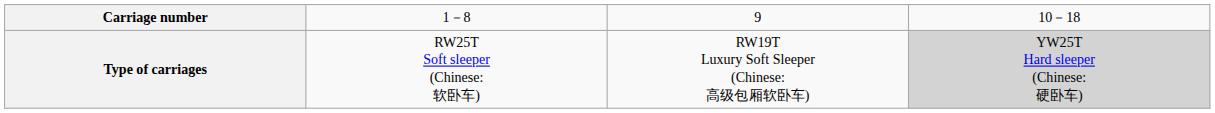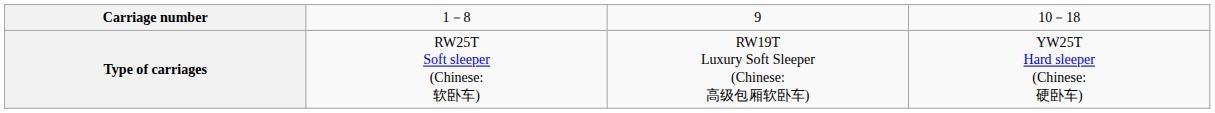 <table class="wikitable" style="text-align: center; font-size: small;">
 <tr>
 <th>Carriage number</th>
 <td>1－8</td>
 <td>9</td>
 <td>10－18</td>
 </tr>
 <tr>
 <th style="width: 10%;">Type of carriages</th>
 <td style="width: 10%;">RW25T<br><a href='#'>Soft sleeper</a><br>(Chinese:<br>软卧车)</td>
 <td style="width: 10%;">RW19T<br>Luxury Soft Sleeper<br>(Chinese:<br>高级包厢软卧车)</td>
-<td style="background: lightgrey; width: 10%;">YW25T<br><a href='#'>Hard sleeper</a><br>(Chinese:<br>硬卧车)</td>
+<td style="width: 10%;">YW25T<br><a href='#'>Hard sleeper</a><br>(Chinese:<br>硬卧车)</td>
 </tr>
 </table>
